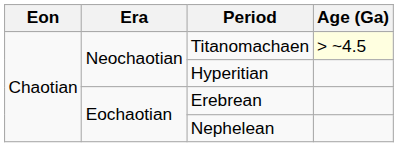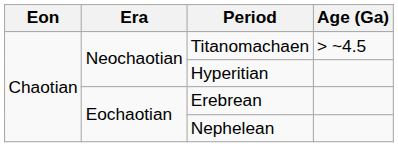 <table class="wikitable">
 <tr>
 <th>Eon</th>
 <th>Era</th>
 <th>Period</th>
 <th>Age (Ga)</th>
 </tr>
 <tr>
 <td rowspan="4">Chaotian</td>
 <td rowspan="2">Neochaotian</td>
 <td>Titanomachaen</td>
-<td style="background: lightyellow;">> ~4.5</td>
+<td>> ~4.5</td>
 </tr>
 <tr>
 <td>Hyperitian</td>
 <td></td>
 </tr>
 <tr>
 <td rowspan="2">Eochaotian</td>
 <td>Erebrean</td>
 <td></td>
 </tr>
 <tr>
 <td>Nephelean</td>
 <td></td>
 </tr>
 </table>
